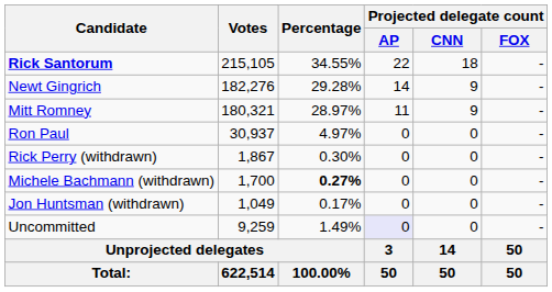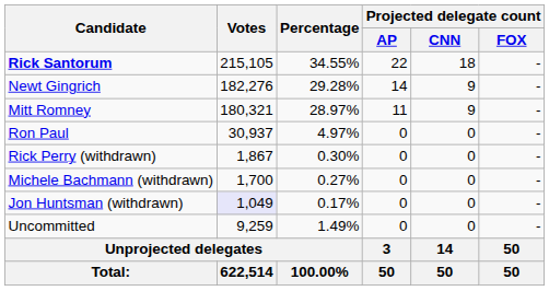 <table class="wikitable" style="text-align:right;">
 <tr>
 <th rowspan="2">Candidate</th>
 <th rowspan="2">Votes</th>
 <th rowspan="2">Percentage</th>
 <th colspan="3">Projected delegate count</th>
 </tr>
 <tr>
 <th><a href='#'>AP</a><br></th>
 <th><a href='#'>CNN</a><br></th>
 <th><a href='#'>FOX</a></th>
 </tr>
 <tr>
 <td style="text-align:left;"> <strong><a href='#'>Rick Santorum</a></strong></td>
 <td>215,105</td>
 <td>34.55%</td>
 <td>22</td>
 <td>18</td>
 <td>-</td>
 </tr>
 <tr>
 <td style="text-align:left;"><a href='#'>Newt Gingrich</a></td>
 <td>182,276</td>
 <td>29.28%</td>
 <td>14</td>
 <td>9</td>
 <td>-</td>
 </tr>
 <tr>
 <td style="text-align:left;"><a href='#'>Mitt Romney</a></td>
 <td>180,321</td>
 <td>28.97%</td>
 <td>11</td>
 <td>9</td>
 <td>-</td>
 </tr>
 <tr>
 <td style="text-align:left;"><a href='#'>Ron Paul</a></td>
 <td>30,937</td>
 <td>4.97%</td>
 <td>0</td>
 <td>0</td>
 <td>-</td>
 </tr>
 <tr>
 <td style="text-align:left;"><a href='#'>Rick Perry</a> (withdrawn)</td>
 <td>1,867</td>
 <td>0.30%</td>
 <td>0</td>
 <td>0</td>
 <td>-</td>
 </tr>
 <tr>
 <td style="text-align:left;"><a href='#'>Michele Bachmann</a> (withdrawn)</td>
 <td>1,700</td>
-<td><strong>0.27%</strong></td>
+<td>0.27%</td>
 <td>0</td>
 <td>0</td>
 <td>-</td>
 </tr>
 <tr>
 <td style="text-align:left;"><a href='#'>Jon Huntsman</a> (withdrawn)</td>
-<td>1,049</td>
+<td style="background: lavender;">1,049</td>
 <td>0.17%</td>
 <td>0</td>
 <td>0</td>
 <td>-</td>
 </tr>
 <tr>
 <td style="text-align:left;">Uncommitted</td>
 <td>9,259</td>
 <td>1.49%</td>
-<td style="background: lavender;">0</td>
+<td>0</td>
 <td>0</td>
 <td>-</td>
 </tr>
 <tr style="background:#eee;">
 <th colspan="3">Unprojected delegates</th>
 <th>3</th>
 <th>14</th>
 <th>50</th>
 </tr>
 <tr style="background:#eee;">
 <th>Total:</th>
 <th>622,514</th>
 <th>100.00%</th>
 <th>50</th>
 <th>50</th>
 <th>50</th>
 </tr>
 </table>
